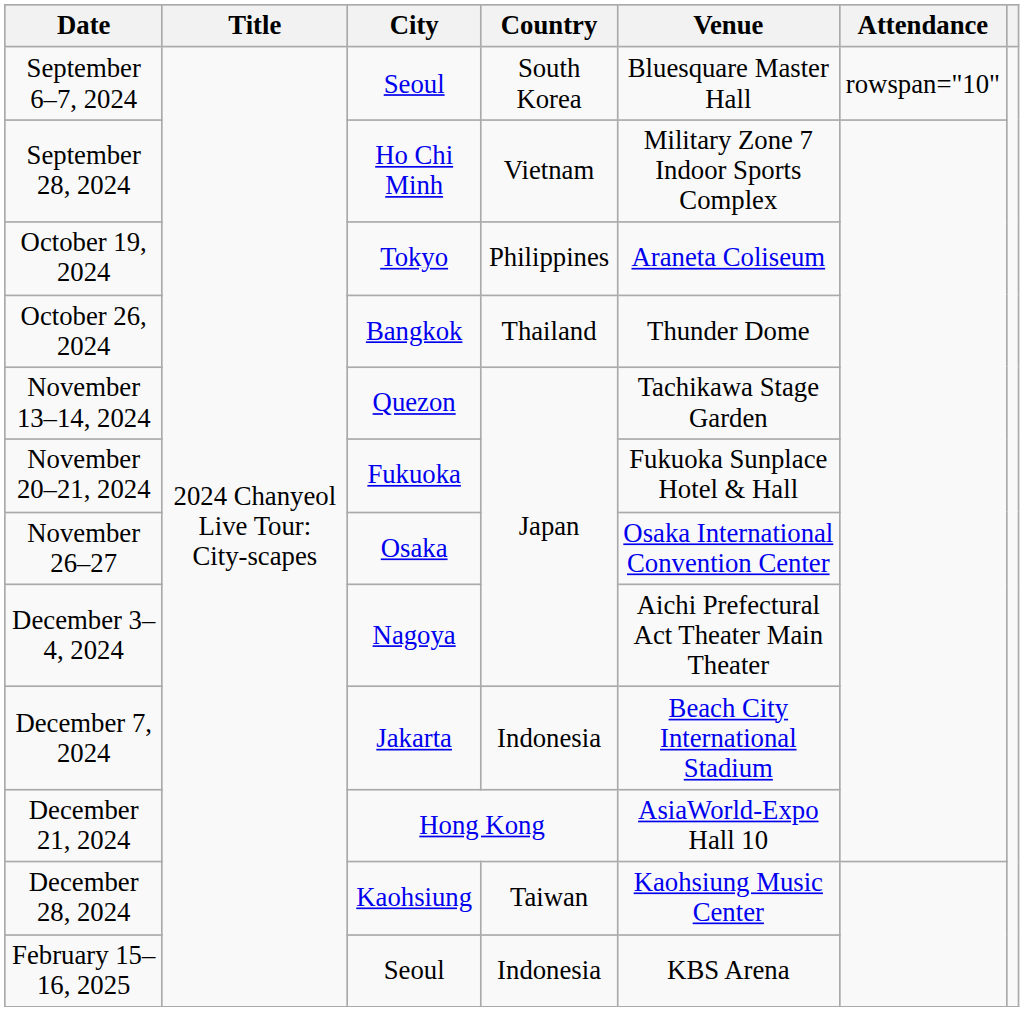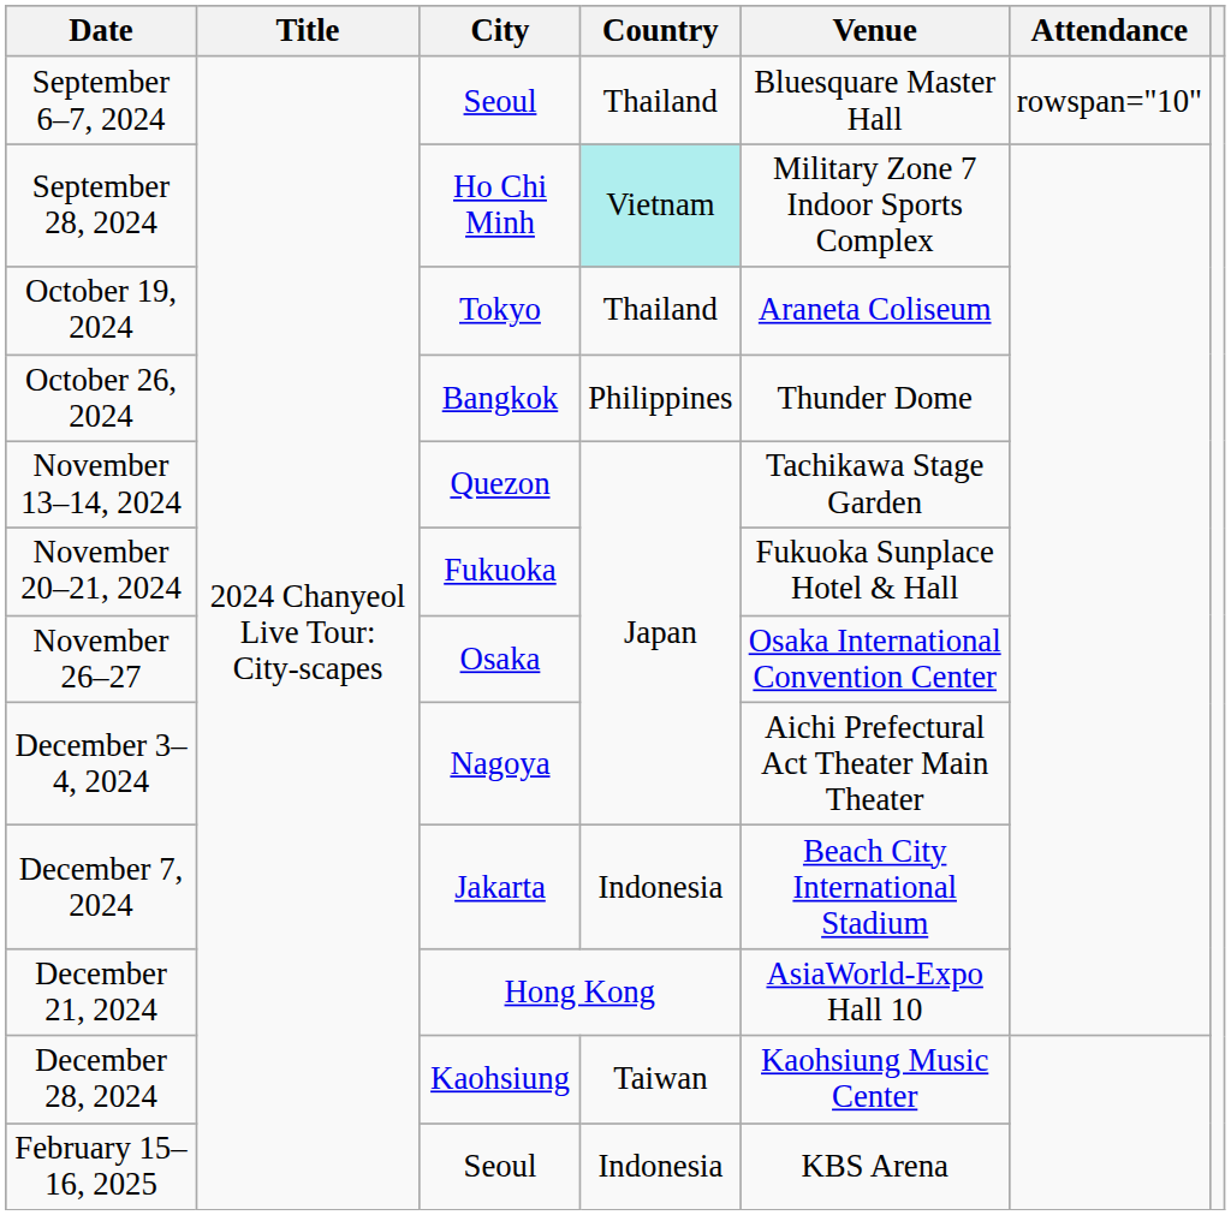 <table class="wikitable plainrowheaders" style="text-align:center">
 <tr>
 <th scope="col">Date</th>
 <th scope="col">Title</th>
 <th scope="col">City</th>
 <th scope="col">Country</th>
 <th scope="col">Venue</th>
 <th scope="col">Attendance</th>
 <th scope="col" class="unsortable"></th>
 </tr>
 <tr>
 <td scope="row">September 6–7, 2024</td>
 <td rowspan="12">2024 Chanyeol Live Tour: City-scapes</td>
 <td><a href='#'>Seoul</a></td>
-<td>South Korea</td>
+<td>Thailand</td>
 <td>Bluesquare Master Hall</td>
 <td>rowspan="10" </td>
 <td rowspan="12" style="text-align:center"></td>
 </tr>
 <tr>
 <td scope="row">September 28, 2024</td>
 <td><a href='#'>Ho Chi Minh</a></td>
-<td>Vietnam</td>
+<td style="background: paleturquoise;">Vietnam</td>
 <td>Military Zone 7 Indoor Sports Complex</td>
 </tr>
 <tr>
 <td scope="row">October 19, 2024</td>
 <td><a href='#'>Tokyo</a></td>
-<td>Philippines</td>
+<td>Thailand</td>
 <td><a href='#'>Araneta Coliseum</a></td>
 </tr>
 <tr>
 <td scope="row">October 26, 2024</td>
 <td><a href='#'>Bangkok</a></td>
-<td>Thailand</td>
+<td>Philippines</td>
 <td>Thunder Dome</td>
 </tr>
 <tr>
 <td scope="row">November 13–14, 2024</td>
 <td><a href='#'>Quezon</a></td>
 <td rowspan="4">Japan</td>
 <td>Tachikawa Stage Garden</td>
 </tr>
 <tr>
 <td scope="row">November 20–21, 2024</td>
 <td><a href='#'>Fukuoka</a></td>
 <td>Fukuoka Sunplace Hotel & Hall</td>
 </tr>
 <tr>
 <td scope="row">November 26–27</td>
 <td><a href='#'>Osaka</a></td>
 <td><a href='#'>Osaka International Convention Center</a></td>
 </tr>
 <tr>
 <td scope="row">December 3–4, 2024</td>
 <td><a href='#'>Nagoya</a></td>
 <td>Aichi Prefectural Act Theater Main Theater</td>
 </tr>
 <tr>
 <td scope="row">December 7, 2024</td>
 <td><a href='#'>Jakarta</a></td>
 <td>Indonesia</td>
 <td><a href='#'>Beach City International Stadium</a></td>
 </tr>
 <tr>
 <td scope="row">December 21, 2024</td>
 <td colspan="2"><a href='#'>Hong Kong</a></td>
 <td><a href='#'>AsiaWorld-Expo</a> Hall 10</td>
 </tr>
 <tr>
 <td>December 28, 2024</td>
 <td><a href='#'>Kaohsiung</a></td>
 <td>Taiwan</td>
 <td><a href='#'>Kaohsiung Music Center</a></td>
 <td rowspan="2"></td>
 </tr>
 <tr>
 <td>February 15–16, 2025</td>
 <td>Seoul</td>
 <td>Indonesia</td>
 <td>KBS Arena</td>
 </tr>
 </table>
